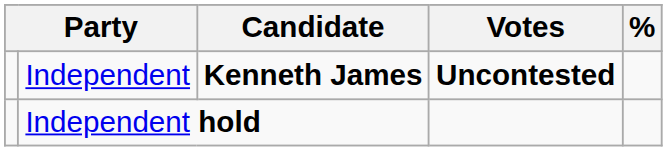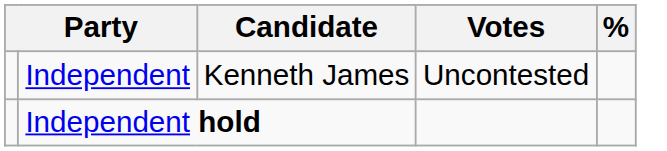 <table class="wikitable">
 <tr>
 <th colspan="2">Party</th>
 <th>Candidate</th>
 <th>Votes</th>
 <th>%</th>
 </tr>
 <tr>
 <td></td>
 <td><a href='#'>Independent</a></td>
-<td><strong>Kenneth James</strong></td>
-<td><strong>Uncontested</strong></td>
+<td>Kenneth James</td>
+<td>Uncontested</td>
 </tr>
 <tr>
 <td></td>
 <td colspan="2"><a href='#'>Independent</a> <strong>hold</strong></td>
 <td></td>
 <td></td>
 </tr>
 </table>
